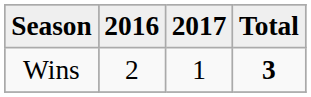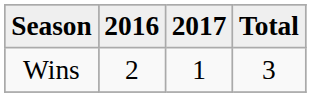 <table class="wikitable sortable">
 <tr style=background:#efefef;font-weight:bold>
 <td>Season</td>
 <td>2016</td>
 <td>2017</td>
 <td><strong>Total</strong></td>
 </tr>
 <tr align="center">
 <td>Wins</td>
 <td>2</td>
 <td>1</td>
-<td><strong>3</strong></td>
+<td>3</td>
 </tr>
 </table>
